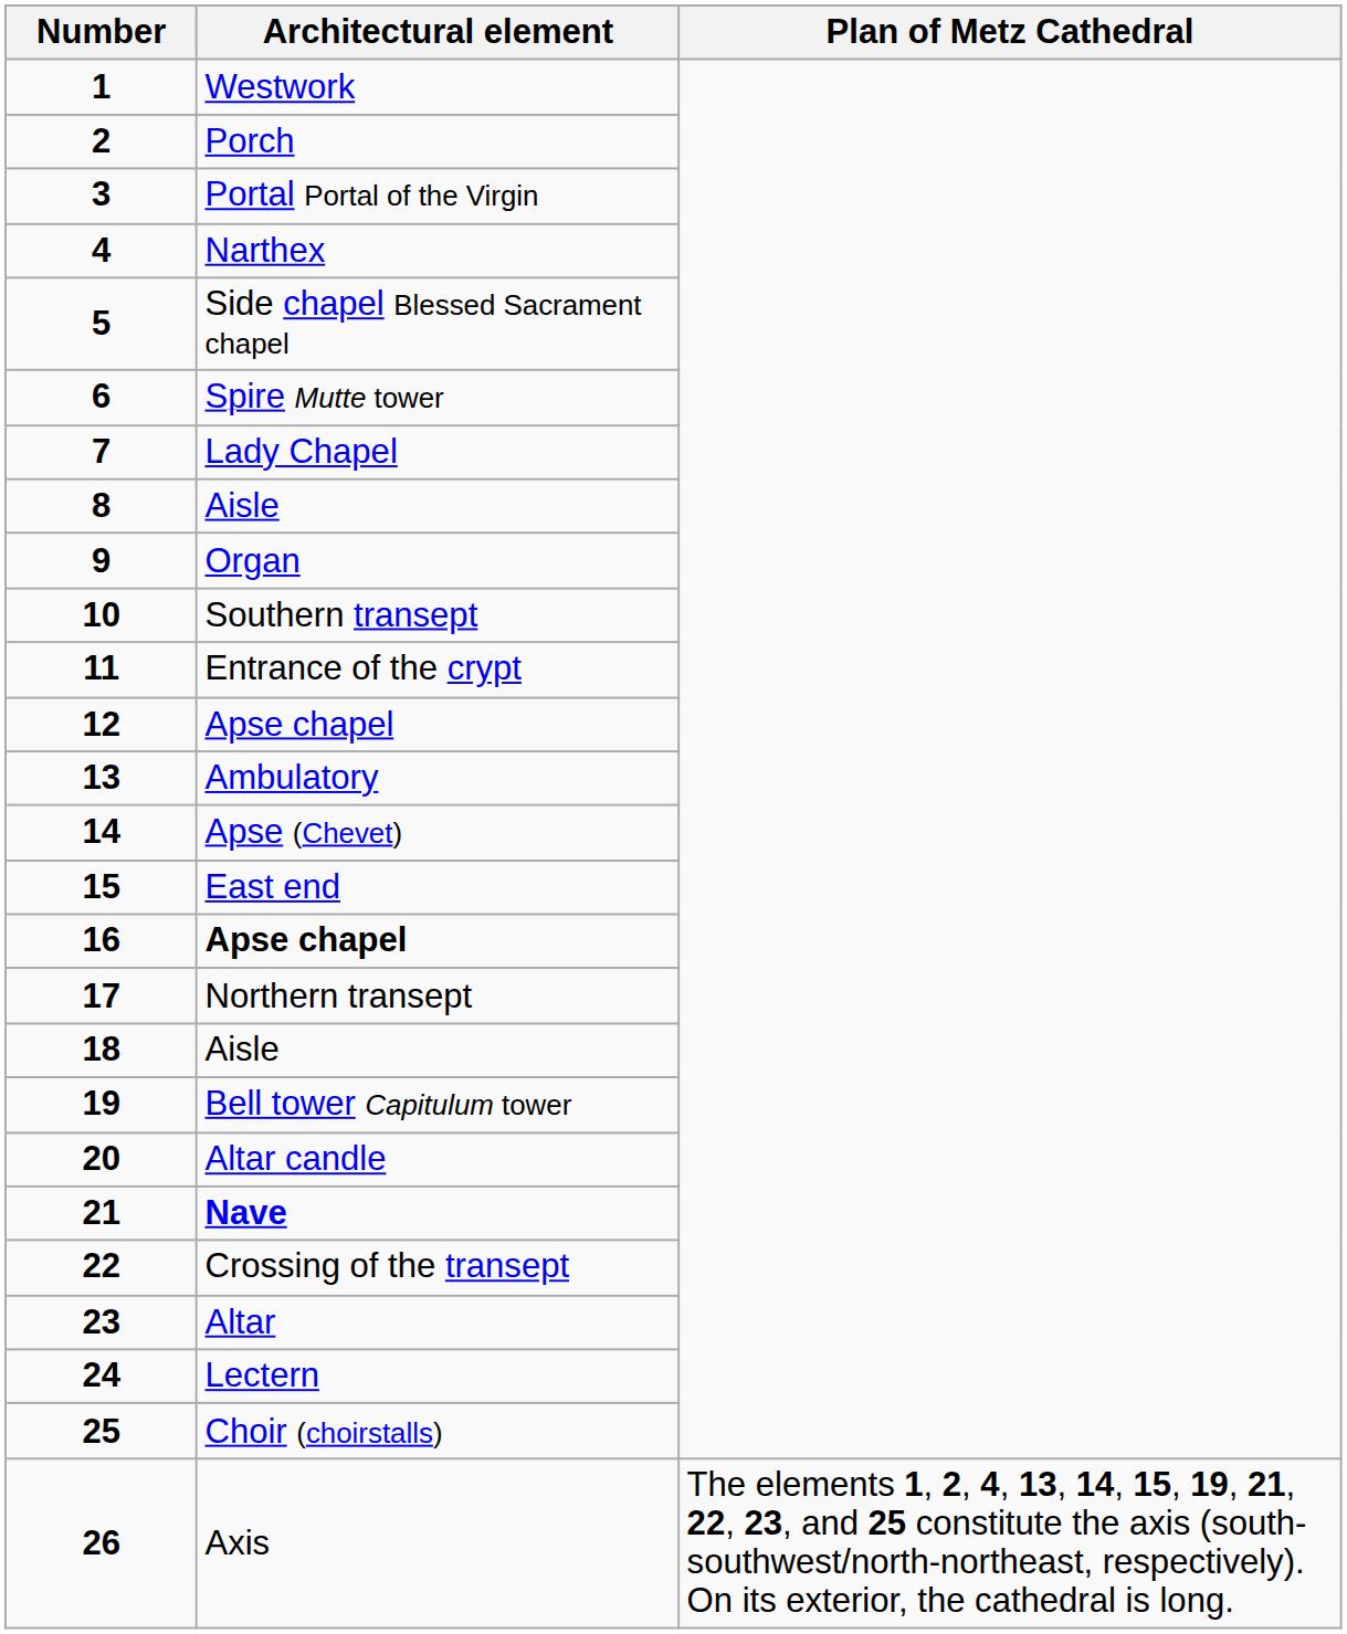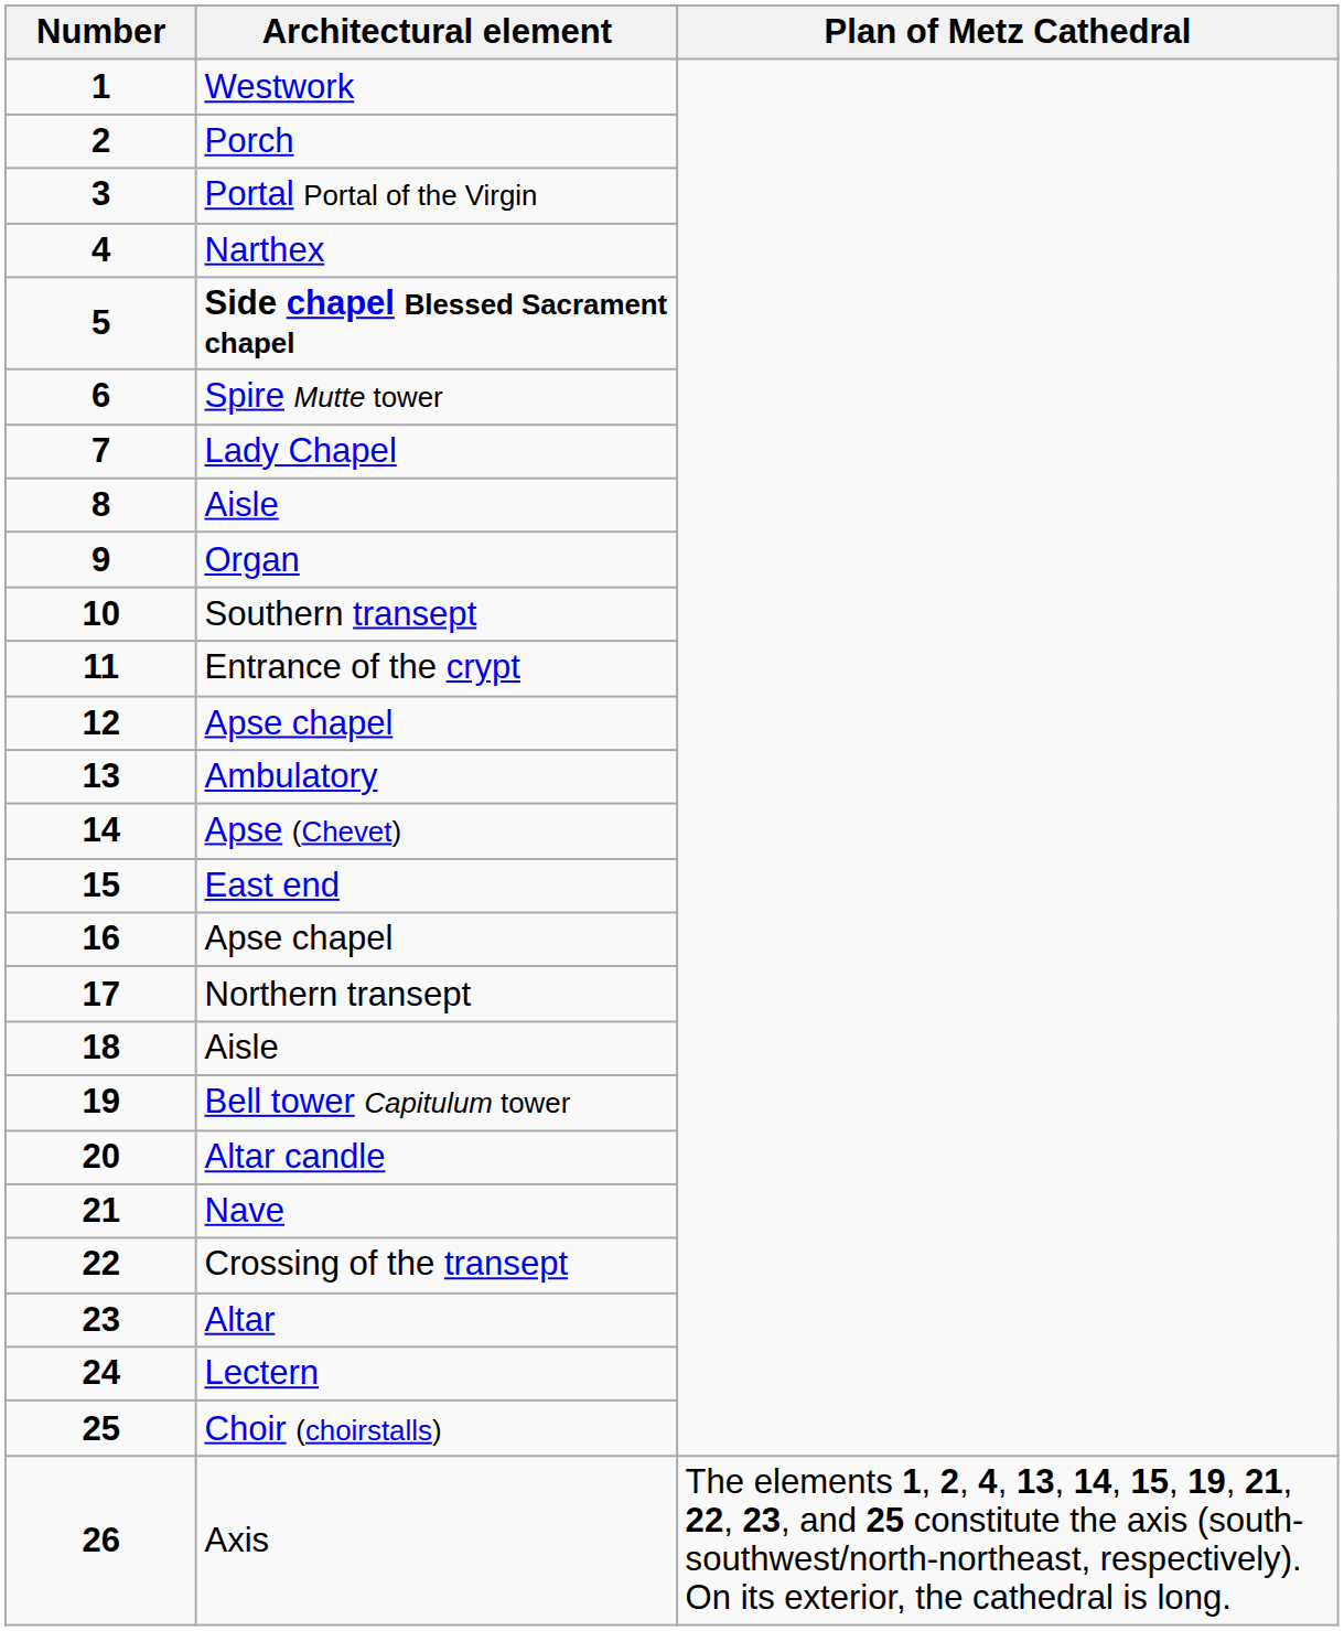 <table class="wikitable" style="margin:1em auto;">
 <tr style="background:#efefef;">
 <th style="width:83px; text-align:center;">Number</th>
 <th style="width:223px; text-align:center;">Architectural element</th>
 <th style="width:310px; text-align:center;">Plan of Metz Cathedral</th>
 </tr>
 <tr>
 <td style="text-align:center;"><strong>1</strong></td>
 <td style="text-align:left;"><a href='#'>Westwork</a></td>
 <td rowspan="25" style="text-align:center;"><br>                         </td>
 </tr>
 <tr>
 <td style="text-align:center;"><strong>2</strong></td>
 <td style="text-align:left;"><a href='#'>Porch</a></td>
 </tr>
 <tr>
 <td style="text-align:center;"><strong>3</strong></td>
 <td style="text-align:left;"><a href='#'>Portal</a> <small>Portal of the Virgin</small></td>
 </tr>
 <tr>
 <td style="text-align:center;"><strong>4</strong></td>
 <td style="text-align:left;"><a href='#'>Narthex</a></td>
 </tr>
 <tr>
 <td style="text-align:center;"><strong>5</strong></td>
-<td style="text-align:left;">Side <a href='#'>chapel</a> <small>Blessed Sacrament chapel</small></td>
+<td style="text-align:left;"><strong>Side <a href='#'>chapel</a> <small>Blessed Sacrament chapel</small></strong></td>
 </tr>
 <tr>
 <td style="text-align:center;"><strong>6</strong></td>
 <td style="text-align:left;"><a href='#'>Spire</a> <small><em>Mutte</em> tower</small></td>
 </tr>
 <tr>
 <td style="text-align:center;"><strong>7</strong></td>
 <td style="text-align:left;"><a href='#'>Lady Chapel</a></td>
 </tr>
 <tr>
 <td style="text-align:center;"><strong>8</strong></td>
 <td style="text-align:left;"><a href='#'>Aisle</a></td>
 </tr>
 <tr>
 <td style="text-align:center;"><strong>9</strong></td>
 <td style="text-align:left;"><a href='#'>Organ</a></td>
 </tr>
 <tr>
 <td style="text-align:center;"><strong>10</strong></td>
 <td style="text-align:left;">Southern <a href='#'>transept</a></td>
 </tr>
 <tr>
 <td style="text-align:center;"><strong>11</strong></td>
 <td style="text-align:left;">Entrance of the <a href='#'>crypt</a></td>
 </tr>
 <tr>
 <td style="text-align:center;"><strong>12</strong></td>
 <td style="text-align:left;"><a href='#'>Apse chapel</a></td>
 </tr>
 <tr>
 <td style="text-align:center;"><strong>13</strong></td>
 <td style="text-align:left;"><a href='#'>Ambulatory</a></td>
 </tr>
 <tr>
 <td style="text-align:center;"><strong>14</strong></td>
 <td style="text-align:left;"><a href='#'>Apse</a> <small>(<a href='#'>Chevet</a>)</small></td>
 </tr>
 <tr>
 <td style="text-align:center;"><strong>15</strong></td>
 <td style="text-align:left;"><a href='#'>East end</a></td>
 </tr>
 <tr>
 <td style="text-align:center;"><strong>16</strong></td>
-<td style="text-align:left;"><strong>Apse chapel</strong></td>
+<td style="text-align:left;">Apse chapel</td>
 </tr>
 <tr>
 <td style="text-align:center;"><strong>17</strong></td>
 <td style="text-align:left;">Northern transept</td>
 </tr>
 <tr>
 <td style="text-align:center;"><strong>18</strong></td>
 <td style="text-align:left;">Aisle</td>
 </tr>
 <tr>
 <td style="text-align:center;"><strong>19</strong></td>
 <td style="text-align:left;"><a href='#'>Bell tower</a> <small><em>Capitulum</em> tower</small></td>
 </tr>
 <tr>
 <td style="text-align:center;"><strong>20</strong></td>
 <td style="text-align:left;"><a href='#'>Altar candle</a></td>
 </tr>
 <tr>
 <td style="text-align:center;"><strong>21</strong></td>
-<td style="text-align:left;"><strong><a href='#'>Nave</a></strong></td>
+<td style="text-align:left;"><a href='#'>Nave</a></td>
 </tr>
 <tr>
 <td style="text-align:center;"><strong>22</strong></td>
 <td style="text-align:left;">Crossing of the <a href='#'>transept</a></td>
 </tr>
 <tr>
 <td style="text-align:center;"><strong>23</strong></td>
 <td style="text-align:left;"><a href='#'>Altar</a></td>
 </tr>
 <tr>
 <td style="text-align:center;"><strong>24</strong></td>
 <td style="text-align:left;"><a href='#'>Lectern</a></td>
 </tr>
 <tr>
 <td style="text-align:center;"><strong>25</strong></td>
 <td style="text-align:left;"><a href='#'>Choir</a> <small>(<a href='#'>choirstalls</a>)</small></td>
 </tr>
 <tr>
 <td style="text-align:center;"><strong>26</strong></td>
 <td style="text-align:left;">Axis</td>
 <td style="text-align:left;">The elements <strong>1</strong>, <strong>2</strong>, <strong>4</strong>, <strong>13</strong>, <strong>14</strong>, <strong>15</strong>, <strong>19</strong>, <strong>21</strong>, <strong>22</strong>, <strong>23</strong>, and <strong>25</strong> constitute the axis (south-southwest/north-northeast, respectively). On its exterior, the cathedral is  long.</td>
 </tr>
 </table>
